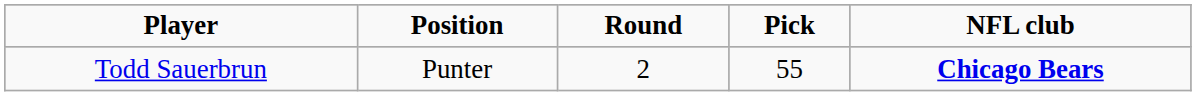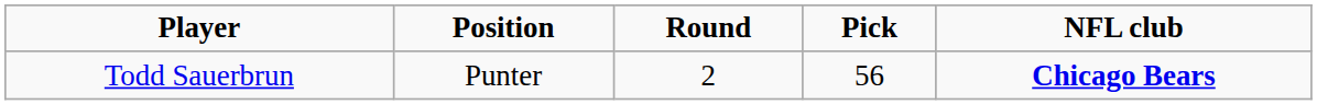 <table class="wikitable" width="80%">
 <tr align="center">
 <td><strong>Player</strong></td>
 <td><strong>Position</strong></td>
 <td><strong>Round</strong></td>
 <td><strong>Pick</strong></td>
 <td><strong>NFL club</strong></td>
 </tr>
 <tr align="center" bgcolor="">
 <td><a href='#'>Todd Sauerbrun</a></td>
 <td>Punter</td>
 <td>2</td>
-<td>55</td>
+<td>56</td>
 <td><strong><a href='#'>Chicago Bears</a></strong></td>
 </tr>
 </table>
